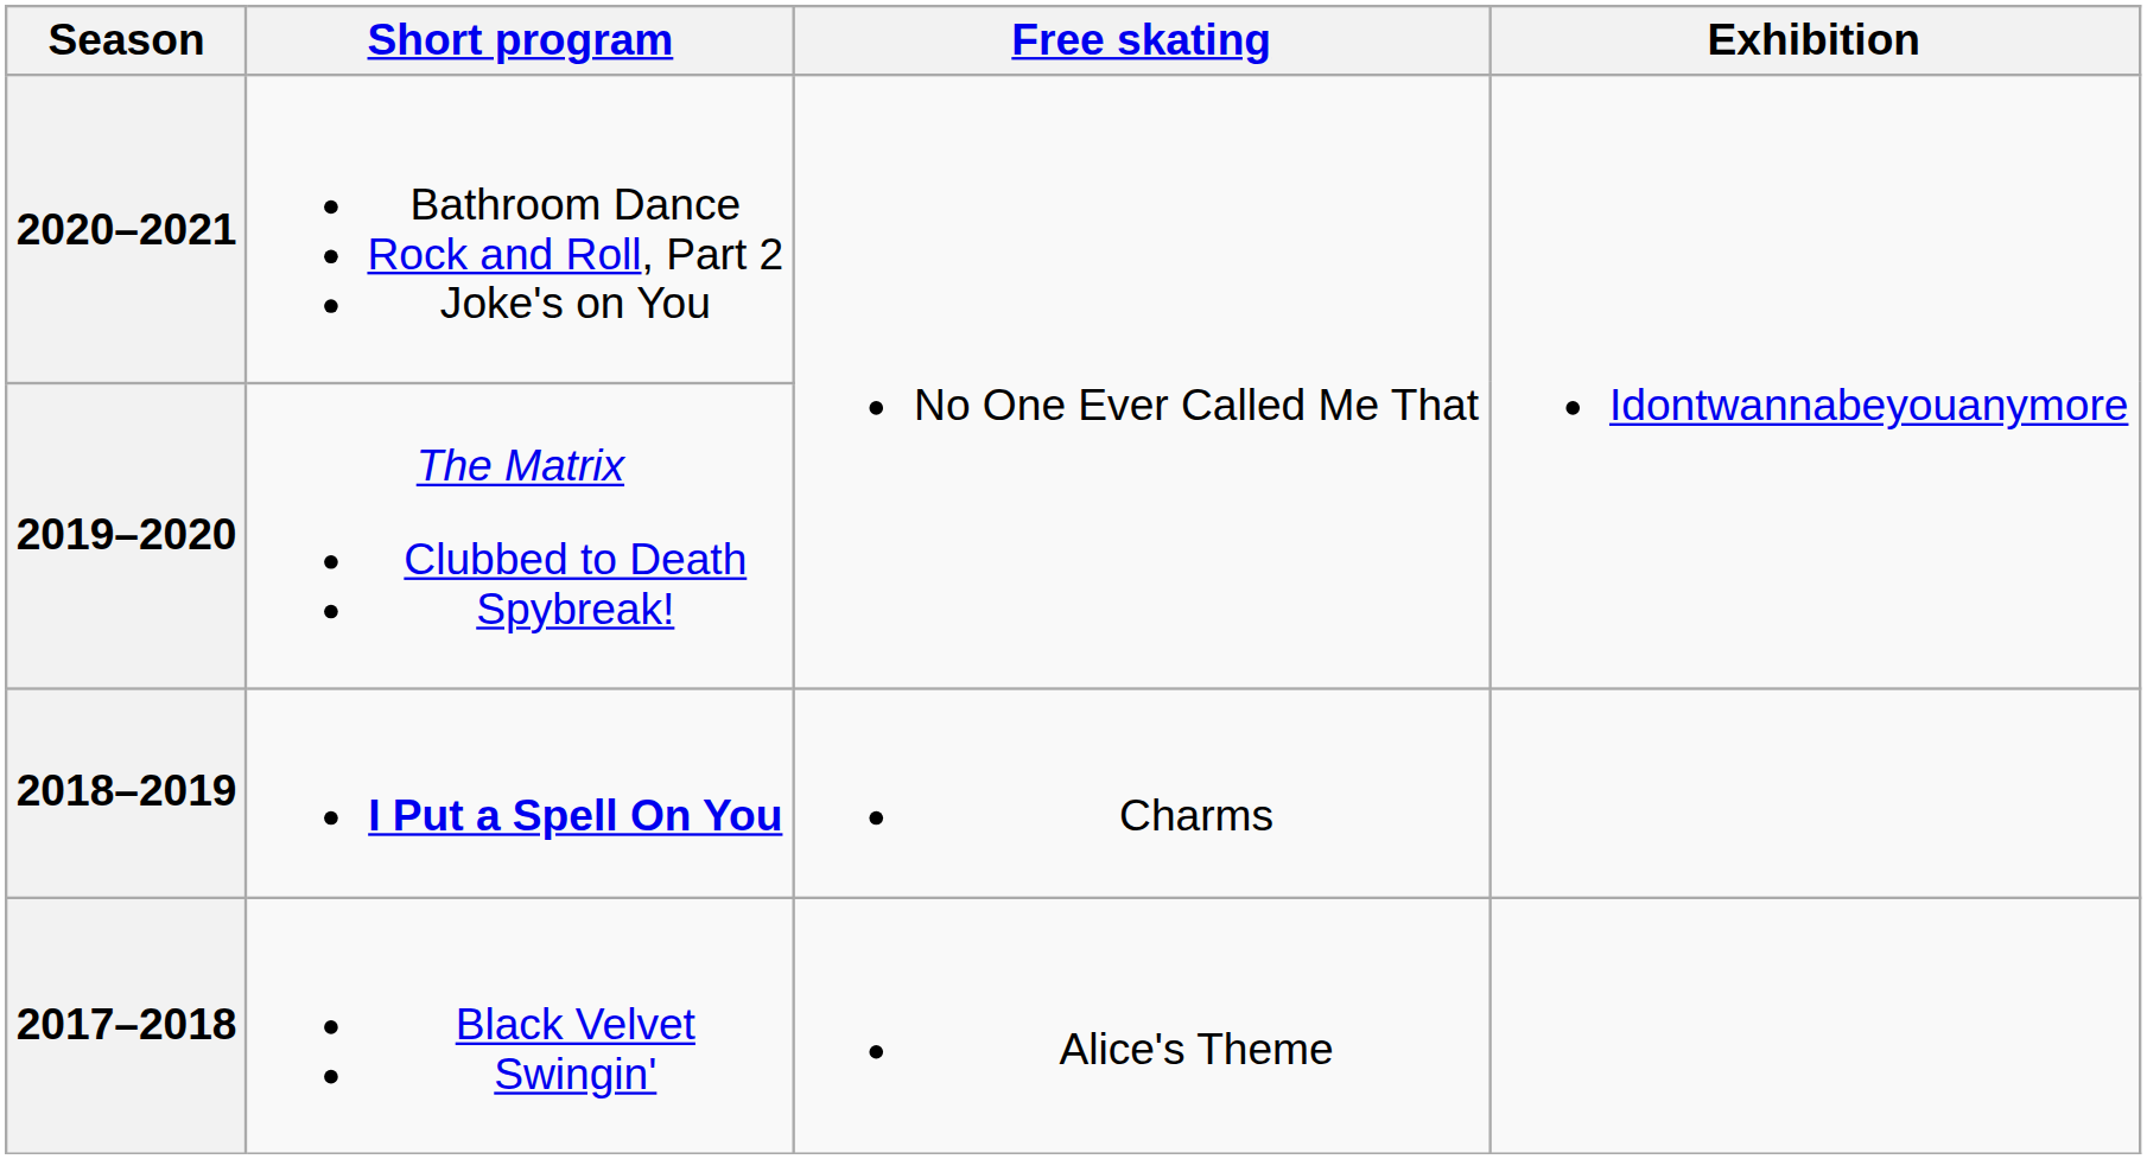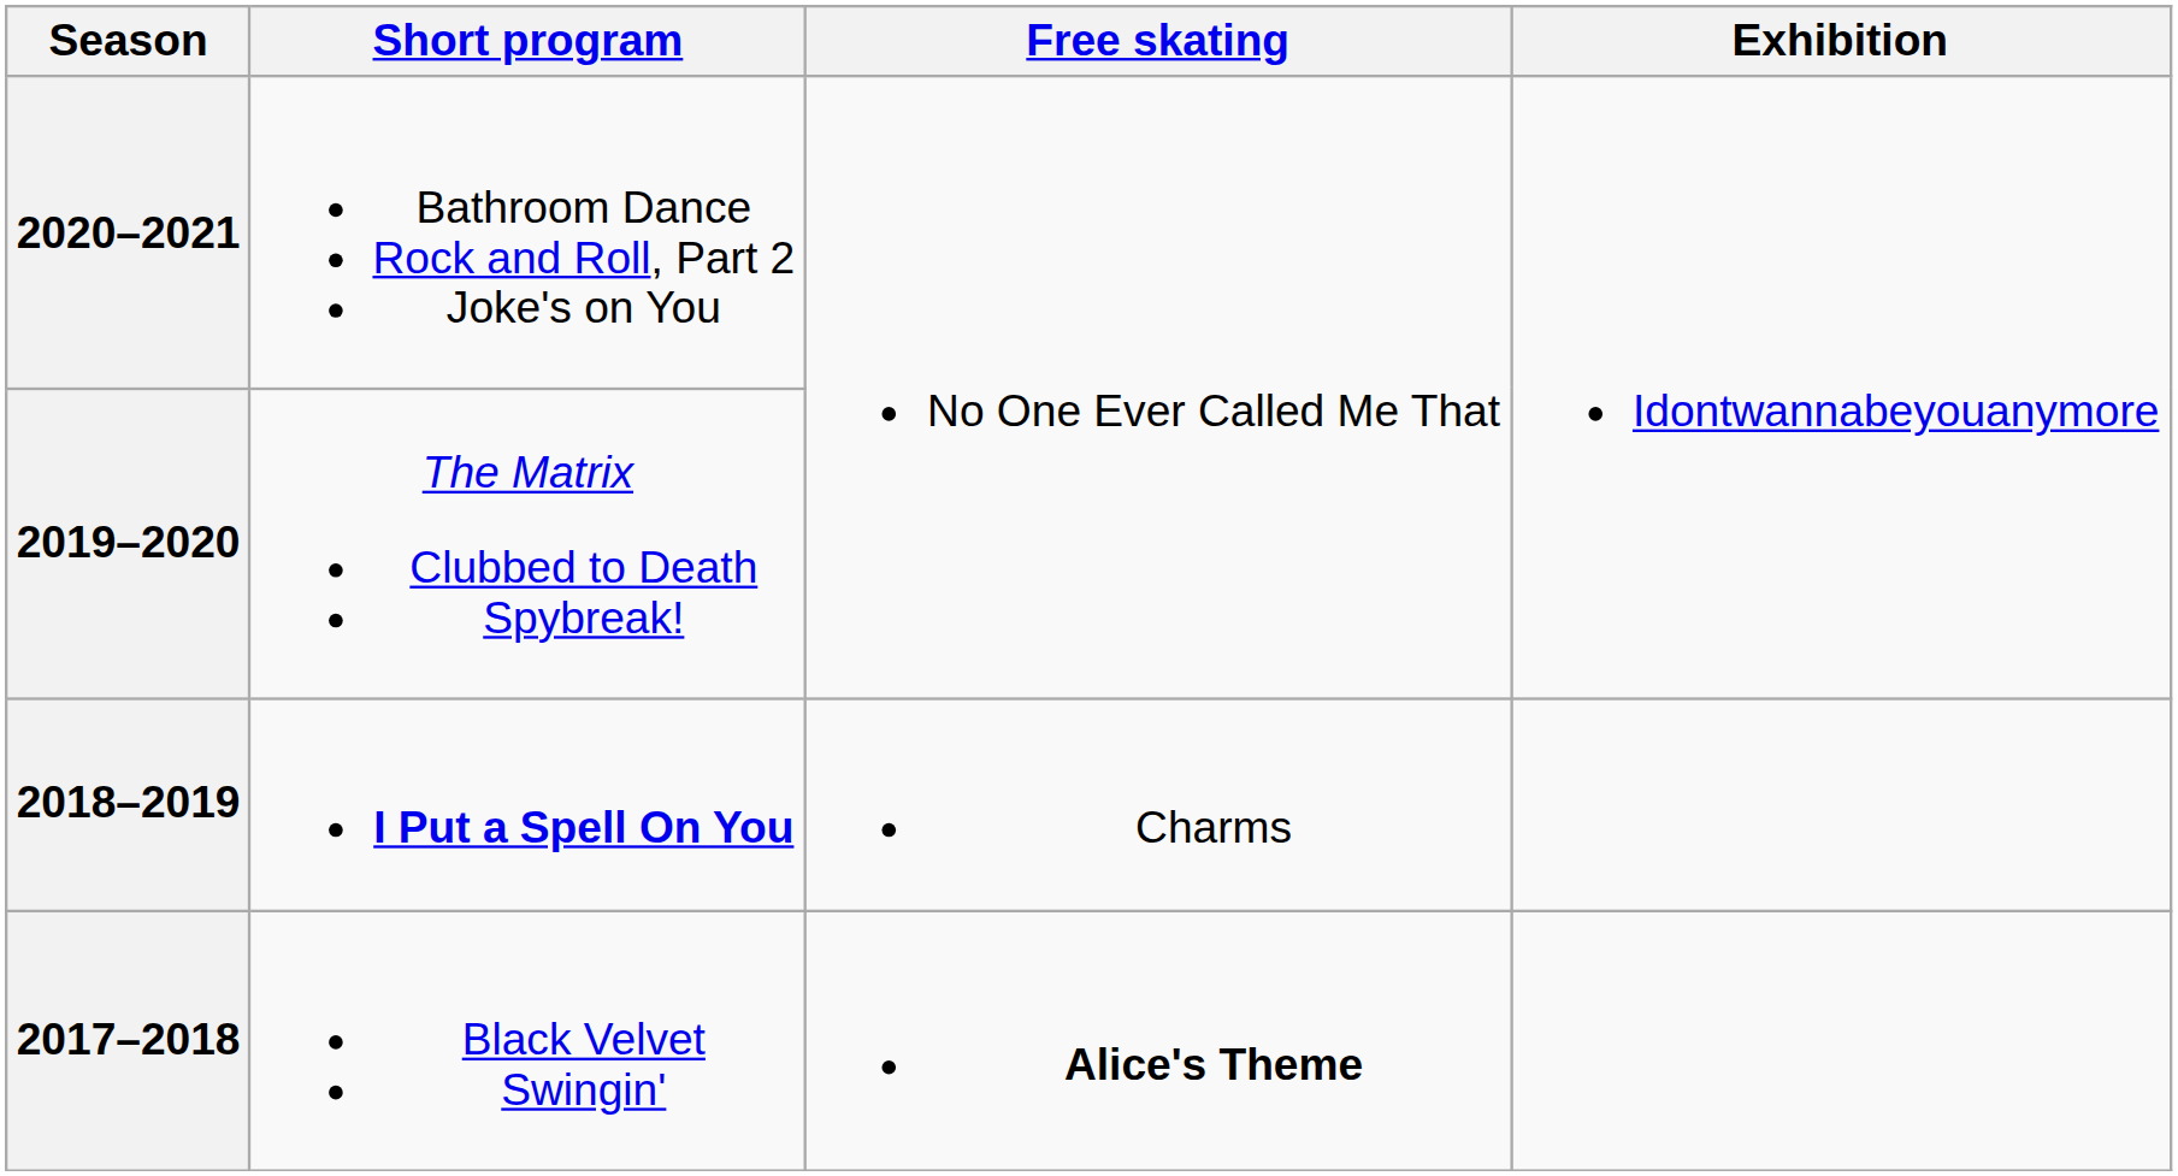 <table class=wikitable style=text-align:center>
 <tr>
 <th>Season</th>
 <th><a href='#'>Short program</a></th>
 <th><a href='#'>Free skating</a></th>
 <th>Exhibition</th>
 </tr>
 <tr>
 <th>2020–2021 <br> </th>
 <td><br><ul><li>Bathroom Dance <br></li><li><a href='#'>Rock and Roll</a>, Part 2 <br></li><li>Joke's on You <br></li></ul></td>
 <td rowspan=2><br><ul><li>No One Ever Called Me That <br> </li></ul></td>
 <td rowspan=2><br><ul><li><a href='#'>Idontwannabeyouanymore</a> <br> </li></ul></td>
 </tr>
 <tr>
 <th>2019–2020</th>
 <td><br><em><a href='#'>The Matrix</a></em><ul><li><a href='#'>Clubbed to Death</a> <br> </li><li><a href='#'>Spybreak!</a> <br> </li></ul></td>
 </tr>
 <tr>
 <th>2018–2019 <br> </th>
 <td><strong><br><ul><li><a href='#'>I Put a Spell On You</a> <br> </li></ul></strong></td>
 <td><br><ul><li>Charms <br> </li></ul></td>
 <td></td>
 </tr>
 <tr>
 <th>2017–2018 <br> </th>
 <td><br><ul><li><a href='#'>Black Velvet</a>  <br></li><li><a href='#'>Swingin'</a> <br></li></ul></td>
-<td><br><ul><li>Alice's Theme <br> </li></ul></td>
+<td><strong><br><ul><li>Alice's Theme <br> </li></ul></strong></td>
 <td></td>
 </tr>
 </table>
